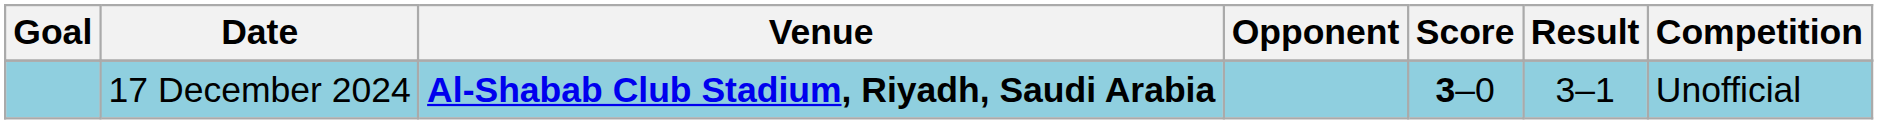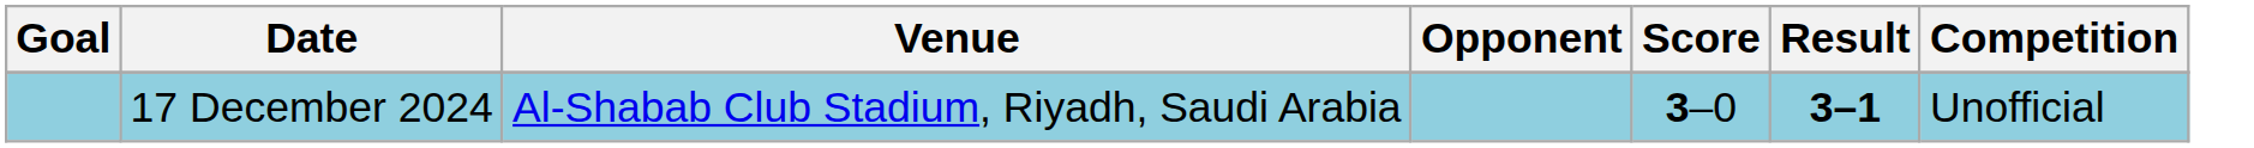 <table class="wikitable plainrowheaders sortable">
 <tr>
 <th>Goal</th>
 <th>Date</th>
 <th>Venue</th>
 <th>Opponent</th>
 <th>Score</th>
 <th>Result</th>
 <th>Competition</th>
 </tr>
 <tr>
 </tr>
 <tr style="background:#8fcfdf;">
 </tr>
 <tr style="background:#8fcfdf;">
 <td></td>
 <td>17 December 2024</td>
-<td><strong><a href='#'>Al-Shabab Club Stadium</a>, Riyadh, Saudi Arabia</strong></td>
+<td><a href='#'>Al-Shabab Club Stadium</a>, Riyadh, Saudi Arabia</td>
 <td></td>
 <td align=center><strong>3</strong>–0</td>
-<td align=center>3–1</td>
+<td align=center><strong>3–1</strong></td>
 <td>Unofficial</td>
 </tr>
 </table>
